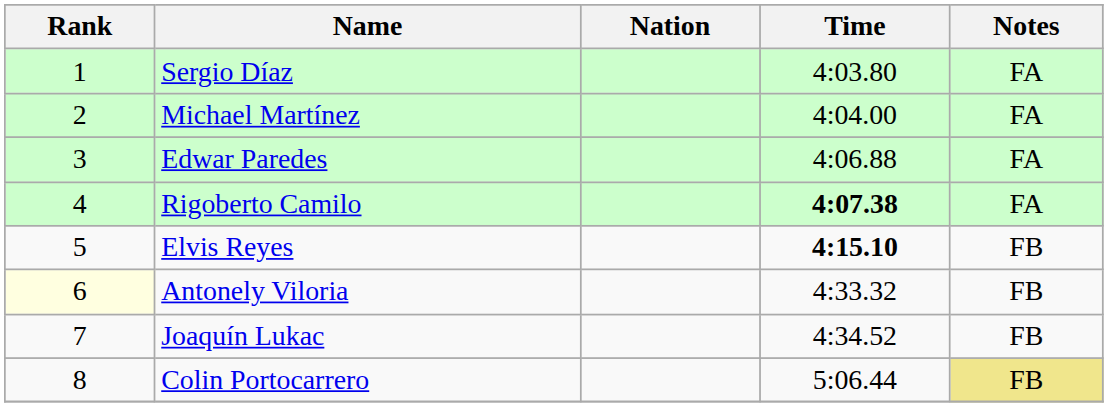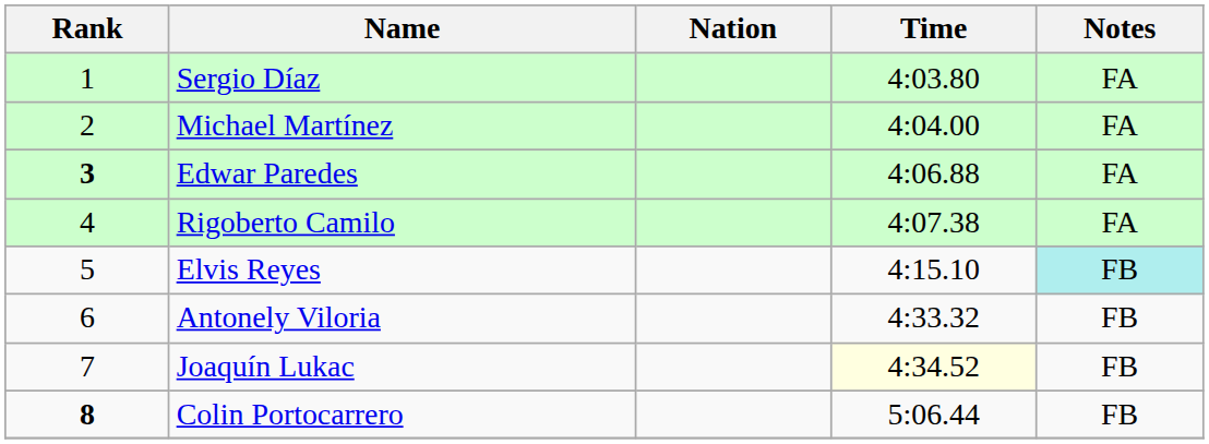 <table class="wikitable sortable" style="text-align:center" width=50%>
 <tr>
 <th>Rank</th>
 <th>Name</th>
 <th>Nation</th>
 <th>Time</th>
 <th>Notes</th>
 </tr>
 <tr bgcolor=ccffcc>
 <td>1</td>
 <td align=left><a href='#'>Sergio Díaz</a></td>
 <td align=left></td>
 <td>4:03.80</td>
 <td>FA</td>
 </tr>
 <tr bgcolor=ccffcc>
 <td>2</td>
 <td align=left><a href='#'>Michael Martínez</a></td>
 <td align=left></td>
 <td>4:04.00</td>
 <td>FA</td>
 </tr>
 <tr bgcolor=ccffcc>
-<td>3</td>
+<td><strong>3</strong></td>
 <td align=left><a href='#'>Edwar Paredes</a></td>
 <td align=left></td>
 <td>4:06.88</td>
 <td>FA</td>
 </tr>
 <tr bgcolor=ccffcc>
 <td>4</td>
 <td align=left><a href='#'>Rigoberto Camilo</a></td>
 <td align=left></td>
-<td><strong>4:07.38</strong></td>
+<td>4:07.38</td>
 <td>FA</td>
 </tr>
 <tr>
 <td>5</td>
 <td align=left><a href='#'>Elvis Reyes</a></td>
 <td align=left></td>
-<td><strong>4:15.10</strong></td>
-<td>FB</td>
+<td>4:15.10</td>
+<td style="background: paleturquoise;">FB</td>
 </tr>
 <tr>
-<td style="background: lightyellow;">6</td>
+<td>6</td>
 <td align=left><a href='#'>Antonely Viloria</a></td>
 <td align=left></td>
 <td>4:33.32</td>
 <td>FB</td>
 </tr>
 <tr>
 <td>7</td>
 <td align=left><a href='#'>Joaquín Lukac</a></td>
 <td align=left></td>
-<td>4:34.52</td>
+<td style="background: lightyellow;">4:34.52</td>
 <td>FB</td>
 </tr>
 <tr>
-<td>8</td>
+<td><strong>8</strong></td>
 <td align=left><a href='#'>Colin Portocarrero</a></td>
 <td align=left></td>
 <td>5:06.44</td>
-<td style="background: khaki;">FB</td>
+<td>FB</td>
 </tr>
 <tr>
 </tr>
 </table>
